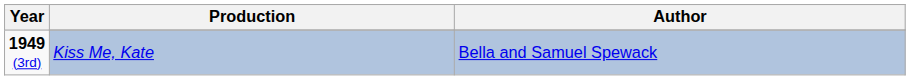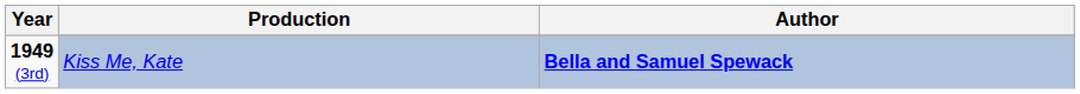 <table class="wikitable" style="width:100%;">
 <tr style="background:#bebebe;">
 <th style="width:5%;">Year</th>
 <th style="width:45%;">Production</th>
 <th style="width:50%;">Author</th>
 </tr>
 <tr>
 <td rowspan="2" align="center"><strong>1949</strong><br><small><a href='#'>(3rd)</a></small></td>
 </tr>
 <tr style="background:#B0C4DE">
 <td><em><a href='#'>Kiss Me, Kate</a></em></td>
-<td><a href='#'>Bella and Samuel Spewack</a></td>
+<td><strong><a href='#'>Bella and Samuel Spewack</a></strong></td>
 </tr>
 </table>
